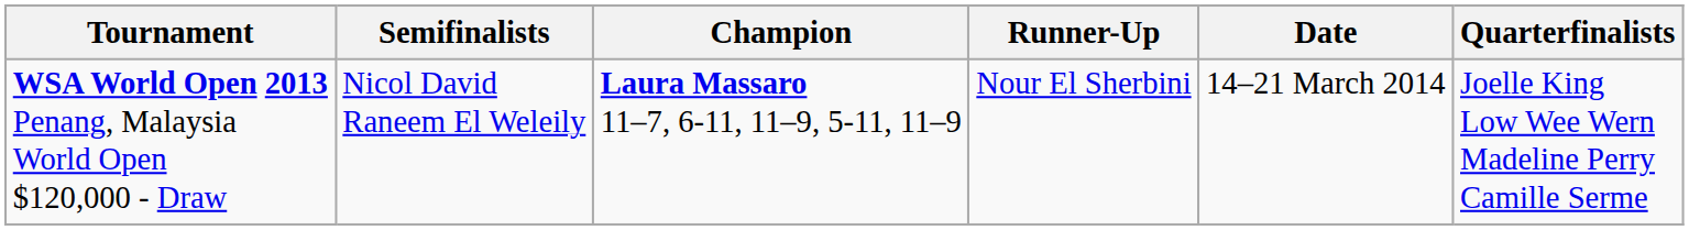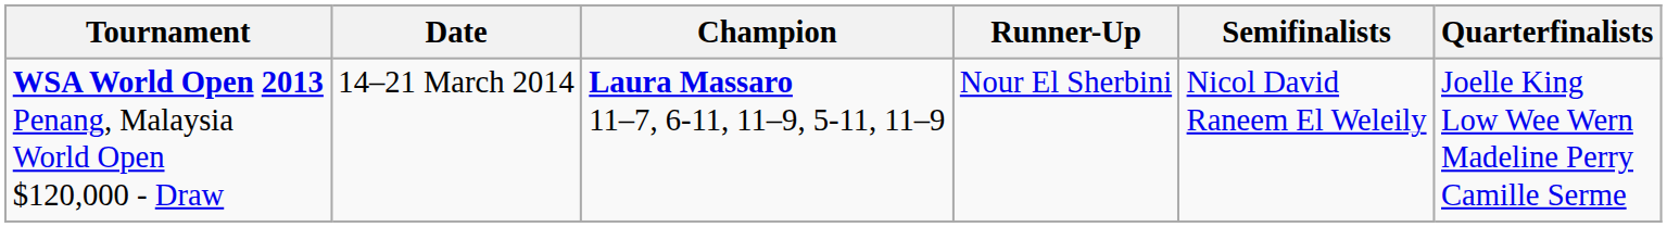 <table class="wikitable" style="font-size:88%">
 <tr>
 <th>Tournament</th>
-<th>Semifinalists</th>
+<th>Date</th>
 <th>Champion</th>
 <th>Runner-Up</th>
-<th>Date</th>
+<th>Semifinalists</th>
 <th>Quarterfinalists</th>
 </tr>
 <tr valign=top>
 <td><strong><a href='#'>WSA World Open</a> <a href='#'>2013</a></strong><br> <a href='#'>Penang</a>, Malaysia<br><a href='#'>World Open</a><br>$120,000 - <a href='#'>Draw</a></td>
-<td> <a href='#'>Nicol David</a><br> <a href='#'>Raneem El Weleily</a></td>
+<td>14–21 March 2014</td>
 <td> <strong><a href='#'>Laura Massaro</a></strong><br>11–7, 6-11, 11–9, 5-11, 11–9</td>
 <td> <a href='#'>Nour El Sherbini</a></td>
-<td>14–21 March 2014</td>
+<td> <a href='#'>Nicol David</a><br> <a href='#'>Raneem El Weleily</a></td>
 <td> <a href='#'>Joelle King</a><br> <a href='#'>Low Wee Wern</a><br> <a href='#'>Madeline Perry</a><br> <a href='#'>Camille Serme</a></td>
 </tr>
 </table>
